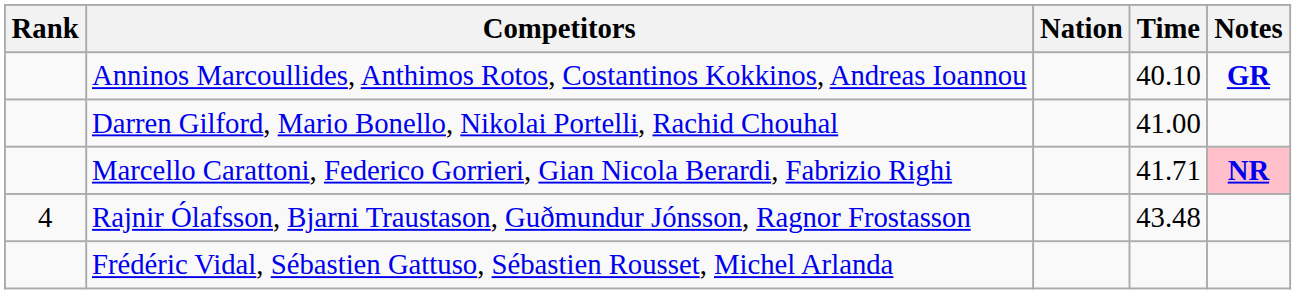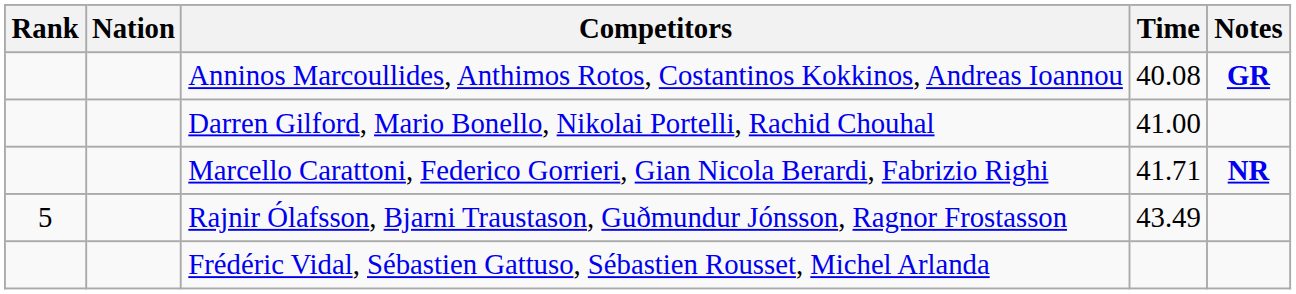 <table class="wikitable sortable" style="text-align:center; font-size:95%">
 <tr>
 <th>Rank</th>
+<th>Nation</th>
 <th>Competitors</th>
-<th>Nation</th>
 <th>Time</th>
 <th>Notes</th>
 </tr>
 <tr>
 <td></td>
+<td align=left></td>
 <td align=left><a href='#'>Anninos Marcoullides</a>, <a href='#'>Anthimos Rotos</a>, <a href='#'>Costantinos Kokkinos</a>, <a href='#'>Andreas Ioannou</a></td>
-<td align=left></td>
-<td>40.10</td>
+<td>40.08</td>
 <td><strong><a href='#'>GR</a></strong></td>
 </tr>
 <tr>
 <td></td>
+<td align=left></td>
 <td align=left><a href='#'>Darren Gilford</a>, <a href='#'>Mario Bonello</a>, <a href='#'>Nikolai Portelli</a>, <a href='#'>Rachid Chouhal</a></td>
-<td align=left></td>
 <td>41.00</td>
 <td></td>
 </tr>
 <tr>
 <td></td>
+<td align=left></td>
 <td align=left><a href='#'>Marcello Carattoni</a>, <a href='#'>Federico Gorrieri</a>, <a href='#'>Gian Nicola Berardi</a>, <a href='#'>Fabrizio Righi</a></td>
-<td align=left></td>
 <td>41.71</td>
-<td style="background: pink;"><strong><a href='#'>NR</a></strong></td>
+<td><strong><a href='#'>NR</a></strong></td>
 </tr>
 <tr>
-<td>4</td>
+<td>5</td>
+<td align=left></td>
 <td align=left><a href='#'>Rajnir Ólafsson</a>, <a href='#'>Bjarni Traustason</a>, <a href='#'>Guðmundur Jónsson</a>, <a href='#'>Ragnor Frostasson</a></td>
-<td align=left></td>
-<td>43.48</td>
+<td>43.49</td>
 <td></td>
 </tr>
 <tr>
 <td></td>
+<td align=left></td>
 <td align=left><a href='#'>Frédéric Vidal</a>, <a href='#'>Sébastien Gattuso</a>, <a href='#'>Sébastien Rousset</a>, <a href='#'>Michel Arlanda</a></td>
-<td align=left></td>
 <td></td>
 <td></td>
 </tr>
 </table>
